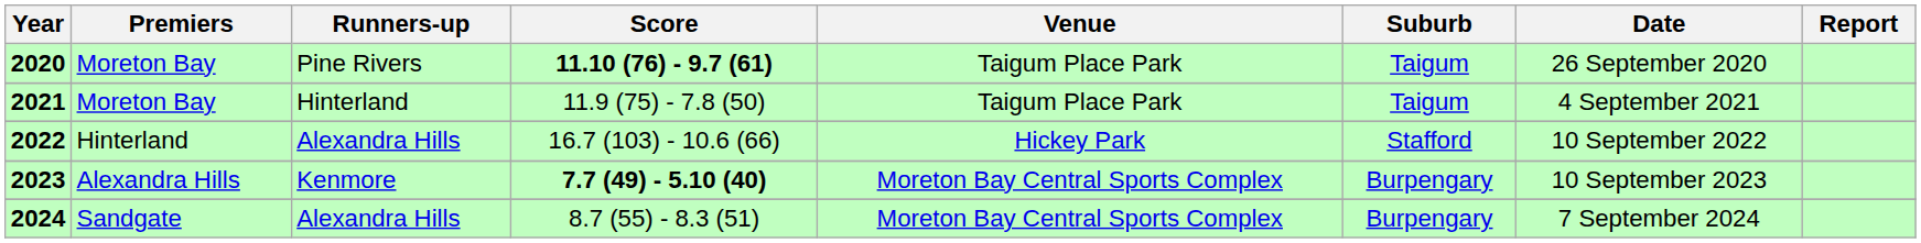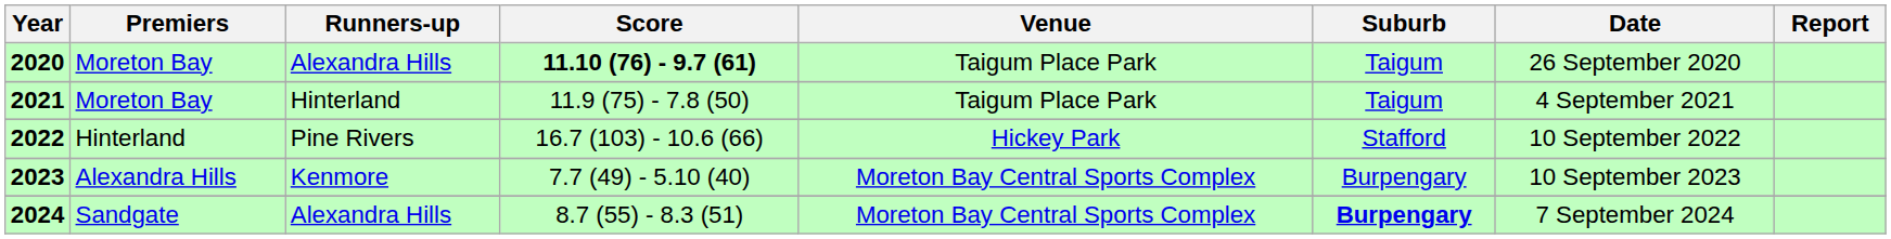 <table class="wikitable sortable" style="text-align:left; text-valign:center">
 <tr>
 <th width=3%>Year</th>
 <th>Premiers</th>
 <th>Runners-up</th>
 <th>Score</th>
 <th>Venue</th>
 <th>Suburb</th>
 <th class=unsortable>Date</th>
 <th class=unsortable>Report</th>
 </tr>
 <tr style="background:#C0FFC0;">
 <td align=center><strong>2020</strong></td>
 <td><a href='#'>Moreton Bay</a></td>
-<td>Pine Rivers</td>
+<td><a href='#'>Alexandra Hills</a></td>
 <td align=center><strong>11.10 (76) - 9.7 (61)</strong></td>
 <td align=center>Taigum Place Park</td>
 <td align=center><a href='#'>Taigum</a></td>
 <td align=center>26 September 2020</td>
 <td align=center></td>
 </tr>
 <tr>
 </tr>
 <tr style="background:#C0FFC0;">
 <td align=center><strong>2021</strong></td>
 <td><a href='#'>Moreton Bay</a></td>
 <td>Hinterland</td>
 <td align=center>11.9 (75) - 7.8 (50)</td>
 <td align=center>Taigum Place Park</td>
 <td align=center><a href='#'>Taigum</a></td>
 <td align=center>4 September 2021</td>
 <td align=center></td>
 </tr>
 <tr>
 </tr>
 <tr style="background:#C0FFC0;">
 <td align=center><strong>2022</strong></td>
 <td>Hinterland</td>
-<td><a href='#'>Alexandra Hills</a></td>
+<td>Pine Rivers</td>
 <td align=center>16.7 (103) - 10.6 (66)</td>
 <td align=center><a href='#'>Hickey Park</a></td>
 <td align=center><a href='#'>Stafford</a></td>
 <td align=center>10 September 2022</td>
 <td align=center></td>
 </tr>
 <tr>
 </tr>
 <tr style="background:#C0FFC0;">
 <td align=center><strong>2023</strong></td>
 <td><a href='#'>Alexandra Hills</a></td>
 <td><a href='#'>Kenmore</a></td>
-<td align=center><strong>7.7 (49) - 5.10 (40)</strong></td>
+<td align=center>7.7 (49) - 5.10 (40)</td>
 <td align=center><a href='#'>Moreton Bay Central Sports Complex</a></td>
 <td align=center><a href='#'>Burpengary</a></td>
 <td align=center>10 September 2023</td>
 <td align=center></td>
 </tr>
 <tr>
 </tr>
 <tr style="background:#C0FFC0;">
 <td align=center><strong>2024</strong></td>
 <td><a href='#'>Sandgate</a></td>
 <td><a href='#'>Alexandra Hills</a></td>
 <td align=center>8.7 (55) - 8.3 (51)</td>
 <td align=center><a href='#'>Moreton Bay Central Sports Complex</a></td>
-<td align=center><a href='#'>Burpengary</a></td>
+<td align=center><strong><a href='#'>Burpengary</a></strong></td>
 <td align=center>7 September 2024</td>
 <td align=center></td>
 </tr>
 </table>
